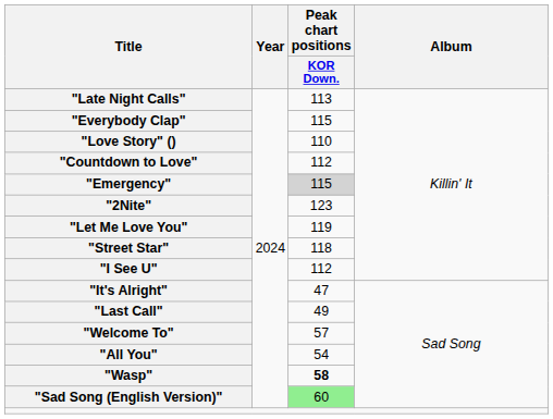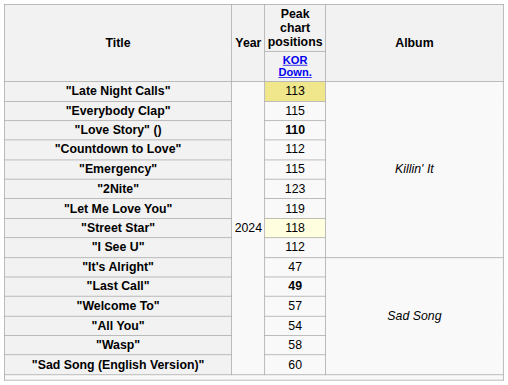 <table class="wikitable plainrowheaders" style="text-align:center">
 <tr>
 <th scope="col" rowspan="2" style="width:18em">Title</th>
 <th scope="col" rowspan="2" style="width:2em">Year</th>
 <th scope="col" colspan="1">Peak chart positions</th>
 <th scope="col" rowspan="2" style="width:14em">Album</th>
 </tr>
 <tr>
 <th scope="col" style="width:3em;font-size:90%"><a href='#'>KOR<br>Down.</a><br></th>
 </tr>
 <tr>
 <th scope="row">"Late Night Calls"</th>
 <td rowspan="15">2024</td>
-<td>113</td>
+<td style="background: khaki;">113</td>
 <td rowspan="9"><em>Killin' It</em></td>
 </tr>
 <tr>
 <th scope="row">"Everybody Clap"</th>
 <td>115</td>
 </tr>
 <tr>
 <th scope="row">"Love Story" ()</th>
-<td>110</td>
+<td><strong>110</strong></td>
 </tr>
 <tr>
 <th scope="row">"Countdown to Love"</th>
 <td>112</td>
 </tr>
 <tr>
 <th scope="row">"Emergency"</th>
-<td style="background: lightgrey;">115</td>
+<td>115</td>
 </tr>
 <tr>
 <th scope="row">"2Nite"</th>
 <td>123</td>
 </tr>
 <tr>
 <th scope="row">"Let Me Love You"</th>
 <td>119</td>
 </tr>
 <tr>
 <th scope="row">"Street Star"</th>
-<td>118</td>
+<td style="background: lightyellow;">118</td>
 </tr>
 <tr>
 <th scope="row">"I See U"</th>
 <td>112</td>
 </tr>
 <tr>
 <th scope="row">"It's Alright"</th>
 <td>47</td>
 <td rowspan="6"><em>Sad Song</em></td>
 </tr>
 <tr>
 <th scope="row">"Last Call"</th>
-<td>49</td>
+<td><strong>49</strong></td>
 </tr>
 <tr>
 <th scope="row">"Welcome To"</th>
 <td>57</td>
 </tr>
 <tr>
 <th scope="row">"All You"</th>
 <td>54</td>
 </tr>
 <tr>
 <th scope="row">"Wasp"</th>
-<td><strong>58</strong></td>
+<td>58</td>
 </tr>
 <tr>
 <th scope="row">"Sad Song (English Version)"</th>
-<td style="background: lightgreen;">60</td>
+<td>60</td>
 </tr>
 <tr>
 <td colspan="4"></td>
 </tr>
 </table>
